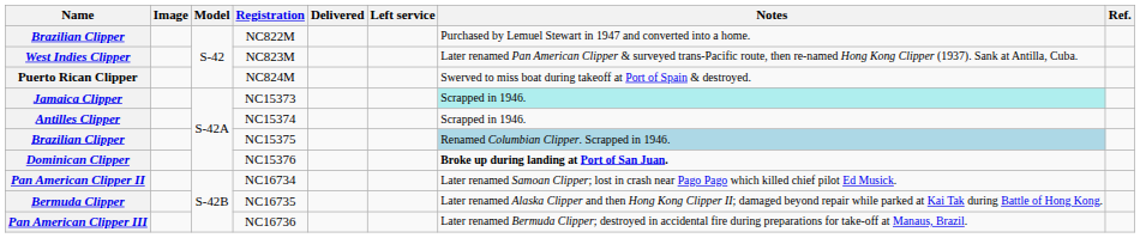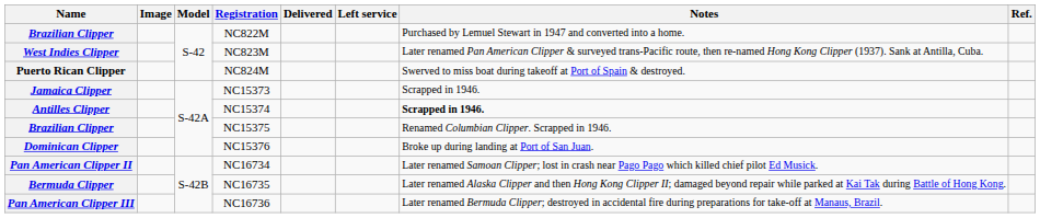 <table class="wikitable sortable" style="text-align:center;">
 <tr>
 <th>Name</th>
 <th class="unsortable">Image</th>
 <th>Model</th>
 <th><a href='#'>Registration</a></th>
 <th>Delivered</th>
 <th>Left service</th>
 <th class="unsortable">Notes</th>
 <th class="unsortable">Ref.</th>
 </tr>
 <tr>
 <th><em><a href='#'>Brazilian Clipper</a></em></th>
 <td></td>
 <td rowspan=3>S-42</td>
 <td>NC822M</td>
 <td></td>
 <td></td>
 <td style="text-align:left;font-size:90%;">Purchased by Lemuel Stewart in 1947 and converted into a home.</td>
 <td></td>
 </tr>
 <tr>
 <th><em><a href='#'>West Indies Clipper</a></em></th>
 <td></td>
 <td>NC823M</td>
 <td></td>
 <td></td>
 <td style="text-align:left;font-size:90%;">Later renamed <em>Pan American Clipper</em> & surveyed trans-Pacific route, then re-named <em>Hong Kong Clipper</em> (1937). Sank at Antilla, Cuba.</td>
 <td></td>
 </tr>
 <tr>
 <th>Puerto Rican Clipper</th>
 <td></td>
 <td>NC824M</td>
 <td></td>
 <td></td>
 <td style="text-align:left;font-size:90%;">Swerved to miss boat during takeoff at <a href='#'>Port of Spain</a> & destroyed.</td>
 <td></td>
 </tr>
 <tr>
 <th><em><a href='#'>Jamaica Clipper</a></em></th>
 <td></td>
 <td rowspan=4>S-42A</td>
 <td>NC15373</td>
 <td></td>
 <td></td>
-<td style="background: paleturquoise; text-align:left;font-size:90%;">Scrapped in 1946.</td>
+<td style="text-align:left;font-size:90%;">Scrapped in 1946.</td>
 <td></td>
 </tr>
 <tr>
 <th><em><a href='#'>Antilles Clipper</a></em></th>
 <td></td>
 <td>NC15374</td>
 <td></td>
 <td></td>
-<td style="text-align:left;font-size:90%;">Scrapped in 1946.</td>
+<td style="text-align:left;font-size:90%;"><strong>Scrapped in 1946.</strong></td>
 <td></td>
 </tr>
 <tr>
 <th><em><a href='#'>Brazilian Clipper</a></em></th>
 <td></td>
 <td>NC15375</td>
 <td></td>
 <td></td>
-<td style="background: lightblue; text-align:left;font-size:90%;">Renamed <em>Columbian Clipper</em>. Scrapped in 1946.</td>
+<td style="text-align:left;font-size:90%;">Renamed <em>Columbian Clipper</em>. Scrapped in 1946.</td>
 <td></td>
 </tr>
 <tr>
 <th><em><a href='#'>Dominican Clipper</a></em></th>
 <td></td>
 <td>NC15376</td>
 <td></td>
 <td></td>
-<td style="text-align:left;font-size:90%;"><strong>Broke up during landing at <a href='#'>Port of San Juan</a>.</strong></td>
+<td style="text-align:left;font-size:90%;">Broke up during landing at <a href='#'>Port of San Juan</a>.</td>
 <td></td>
 </tr>
 <tr>
 <th><em><a href='#'>Pan American Clipper II</a></em></th>
 <td></td>
 <td rowspan=3>S-42B</td>
 <td>NC16734</td>
 <td></td>
 <td></td>
 <td style="text-align:left;font-size:90%;">Later renamed <em>Samoan Clipper</em>; lost in crash near <a href='#'>Pago Pago</a> which killed chief pilot <a href='#'>Ed Musick</a>.</td>
 <td></td>
 </tr>
 <tr>
 <th><em><a href='#'>Bermuda Clipper</a></em></th>
 <td></td>
 <td>NC16735</td>
 <td></td>
 <td></td>
 <td style="text-align:left;font-size:90%;">Later renamed <em>Alaska Clipper</em> and then <em>Hong Kong Clipper II</em>; damaged beyond repair while parked at <a href='#'>Kai Tak</a> during <a href='#'>Battle of Hong Kong</a>.</td>
 <td></td>
 </tr>
 <tr>
 <th><em><a href='#'>Pan American Clipper III</a></em></th>
 <td></td>
 <td>NC16736</td>
 <td></td>
 <td></td>
 <td style="text-align:left;font-size:90%;">Later renamed <em>Bermuda Clipper</em>; destroyed in accidental fire during preparations for take-off at <a href='#'>Manaus, Brazil</a>.</td>
 <td></td>
 </tr>
 </table>
